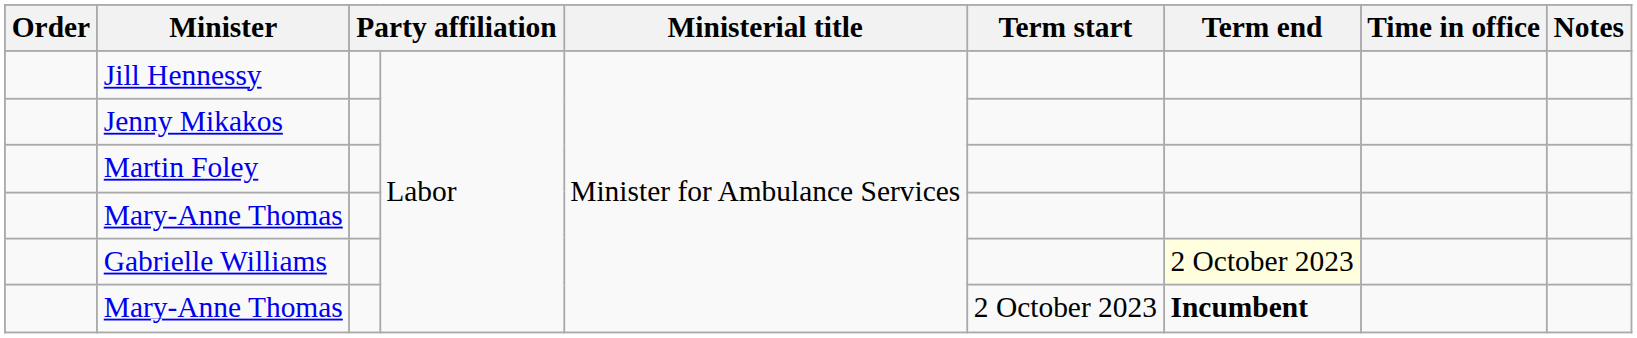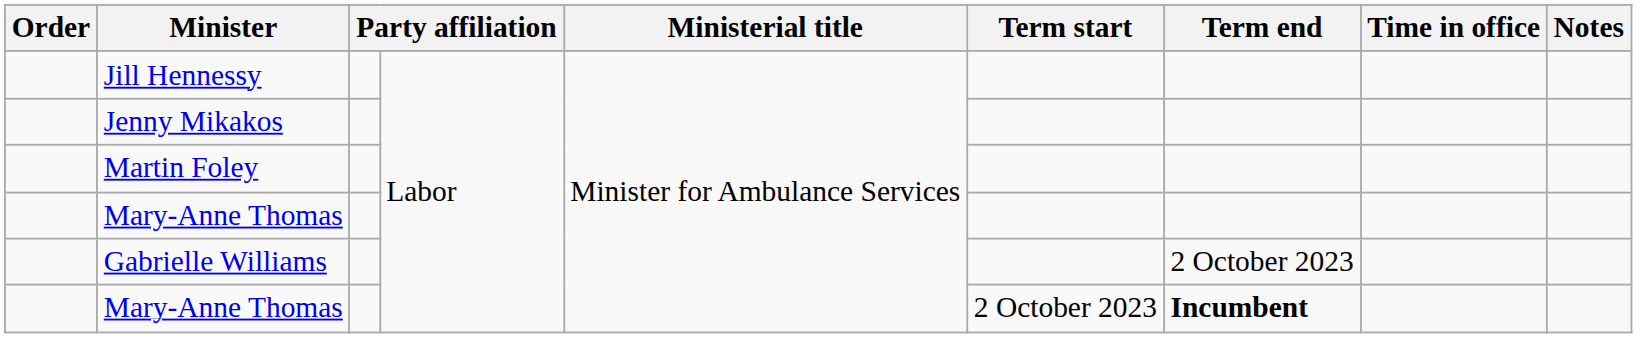 <table class="wikitable sotable">
 <tr>
 <th>Order</th>
 <th>Minister</th>
 <th colspan=2>Party affiliation</th>
 <th>Ministerial title</th>
 <th>Term start</th>
 <th>Term end</th>
 <th>Time in office</th>
 <th>Notes</th>
 </tr>
 <tr>
 <td align=center></td>
 <td><a href='#'>Jill Hennessy</a></td>
 <td></td>
 <td rowspan="6">Labor</td>
 <td rowspan="6">Minister for Ambulance Services</td>
 <td align=center></td>
 <td align=center></td>
 <td align=right></td>
 <td></td>
 </tr>
 <tr>
 <td align=center></td>
 <td><a href='#'>Jenny Mikakos</a></td>
 <td></td>
 <td align=center></td>
 <td align=center></td>
 <td align=right></td>
 <td></td>
 </tr>
 <tr>
 <td align=center></td>
 <td><a href='#'>Martin Foley</a></td>
 <td></td>
 <td align=center></td>
 <td align=center></td>
 <td align=right></td>
 <td></td>
 </tr>
 <tr>
 <td align=center></td>
 <td><a href='#'>Mary-Anne Thomas</a></td>
 <td></td>
 <td align=center></td>
 <td align=center></td>
 <td align=right></td>
 <td></td>
 </tr>
 <tr>
 <td align=center></td>
 <td><a href='#'>Gabrielle Williams</a></td>
 <td></td>
 <td align=center></td>
-<td align=center style="background: lightyellow;">2 October 2023</td>
+<td align=center>2 October 2023</td>
 <td align="right"></td>
 <td></td>
 </tr>
 <tr>
 <td></td>
 <td><a href='#'>Mary-Anne Thomas</a></td>
 <td></td>
 <td>2 October 2023</td>
 <td><strong>Incumbent</strong></td>
 <td></td>
 <td></td>
 </tr>
 </table>
